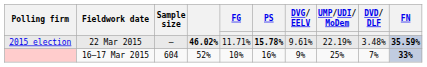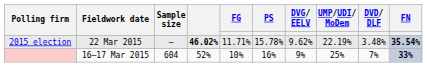 <table class="wikitable sortable" style="text-align:center;font-size:90%;line-height:14px;">
 <tr style="height:40px;">
 <th style="width:100px;" rowspan="2">Polling firm</th>
 <th style="width:110px;" rowspan="2">Fieldwork date</th>
 <th style="width:35px;" rowspan="2">Sample<br>size</th>
 <th style="width:30px;" rowspan="2"></th>
 <th class="unsortable" style="width:40px;"><a href='#'>FG</a></th>
 <th class="unsortable" style="width:40px;"><a href='#'>PS</a></th>
 <th class="unsortable" style="width:40px;"><a href='#'>DVG</a>/<br><a href='#'>EELV</a></th>
 <th class="unsortable" style="width:40px;"><a href='#'>UMP</a>/<a href='#'>UDI</a>/<br><a href='#'>MoDem</a></th>
 <th class="unsortable" style="width:40px;"><a href='#'>DVD</a>/<br><a href='#'>DLF</a></th>
 <th class="unsortable" style="width:40px;"><a href='#'>FN</a></th>
 </tr>
 <tr>
 <th style="background:"></th>
 <th style="background:"></th>
 <th style="background:"></th>
 <th style="background:"></th>
 <th style="background:"></th>
 <th style="background:"></th>
 </tr>
 <tr style="background:#E9E9E9;">
 <td><a href='#'>2015 election</a></td>
 <td data-sort-value="2015-03-22">22 Mar 2015</td>
 <td>–</td>
 <td><strong>46.02%</strong></td>
 <td>11.71%</td>
-<td><strong>15.78%</strong></td>
-<td>9.61%</td>
+<td>15.78%</td>
+<td>9.62%</td>
 <td>22.19%</td>
 <td>3.48%</td>
-<td style="background:#C1CCE1;"><strong>35.59%</strong></td>
+<td style="background:#C1CCE1;"><strong>35.54%</strong></td>
 </tr>
 <tr>
 <td style="background:#FFCCCC;"></td>
 <td data-sort-value="2015-03-17">16–17 Mar 2015</td>
 <td>604</td>
 <td>52%</td>
 <td>10%</td>
 <td>16%</td>
 <td>9%</td>
 <td>25%</td>
 <td>7%</td>
 <td style="background:#C1CCE1;"><strong>33%</strong></td>
 </tr>
 </table>
